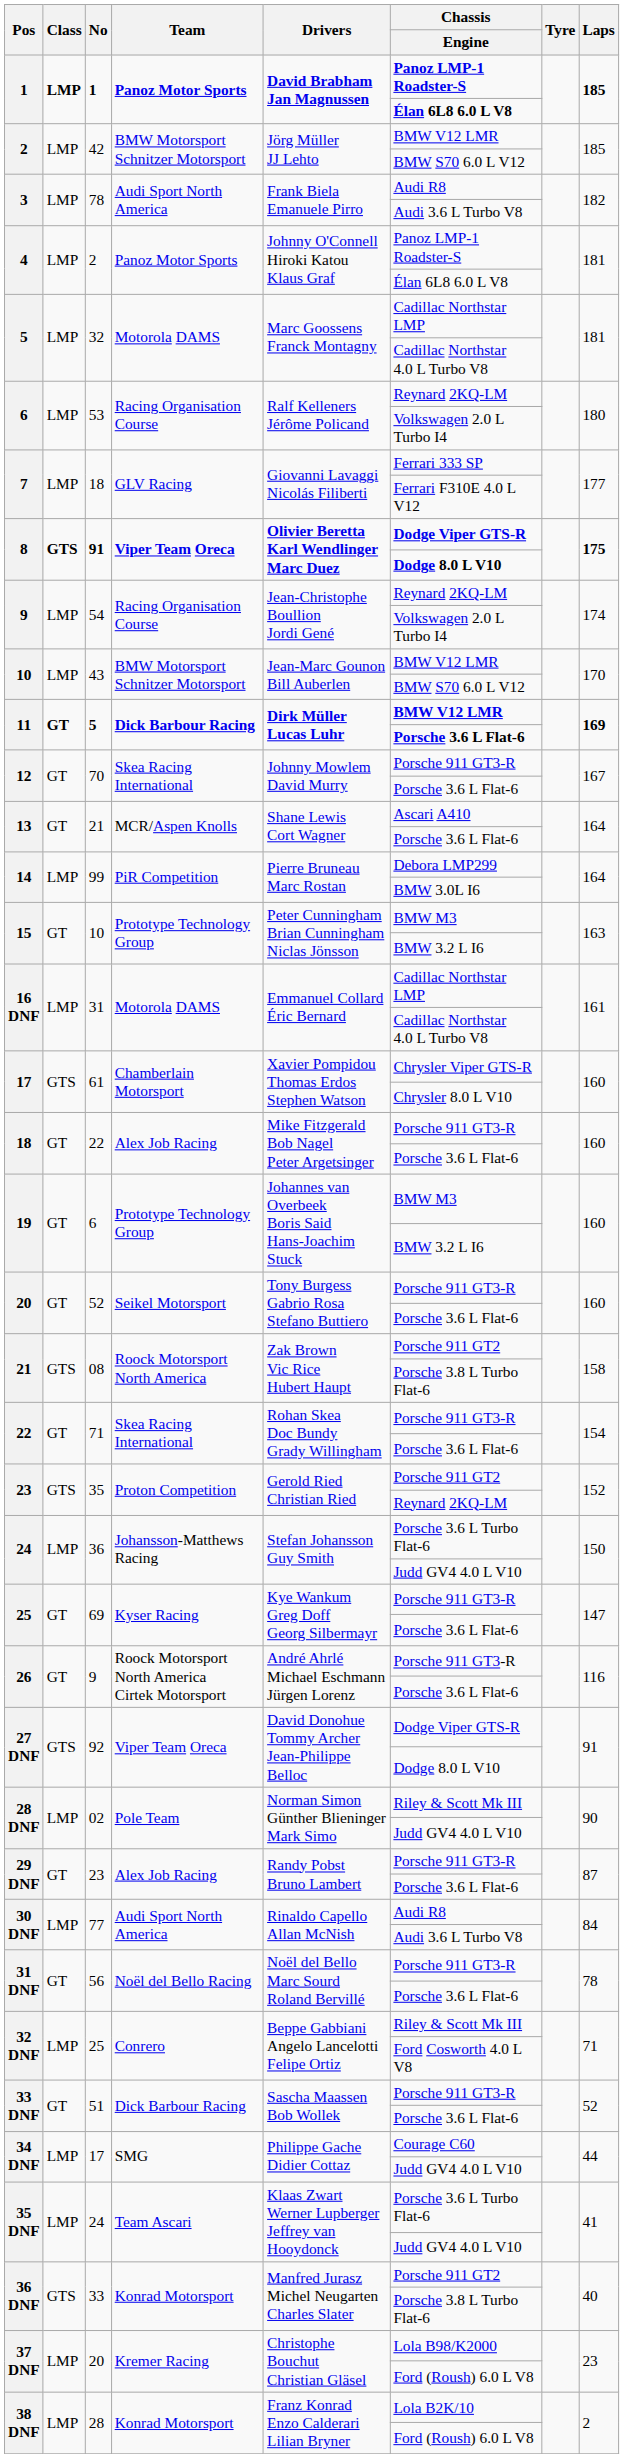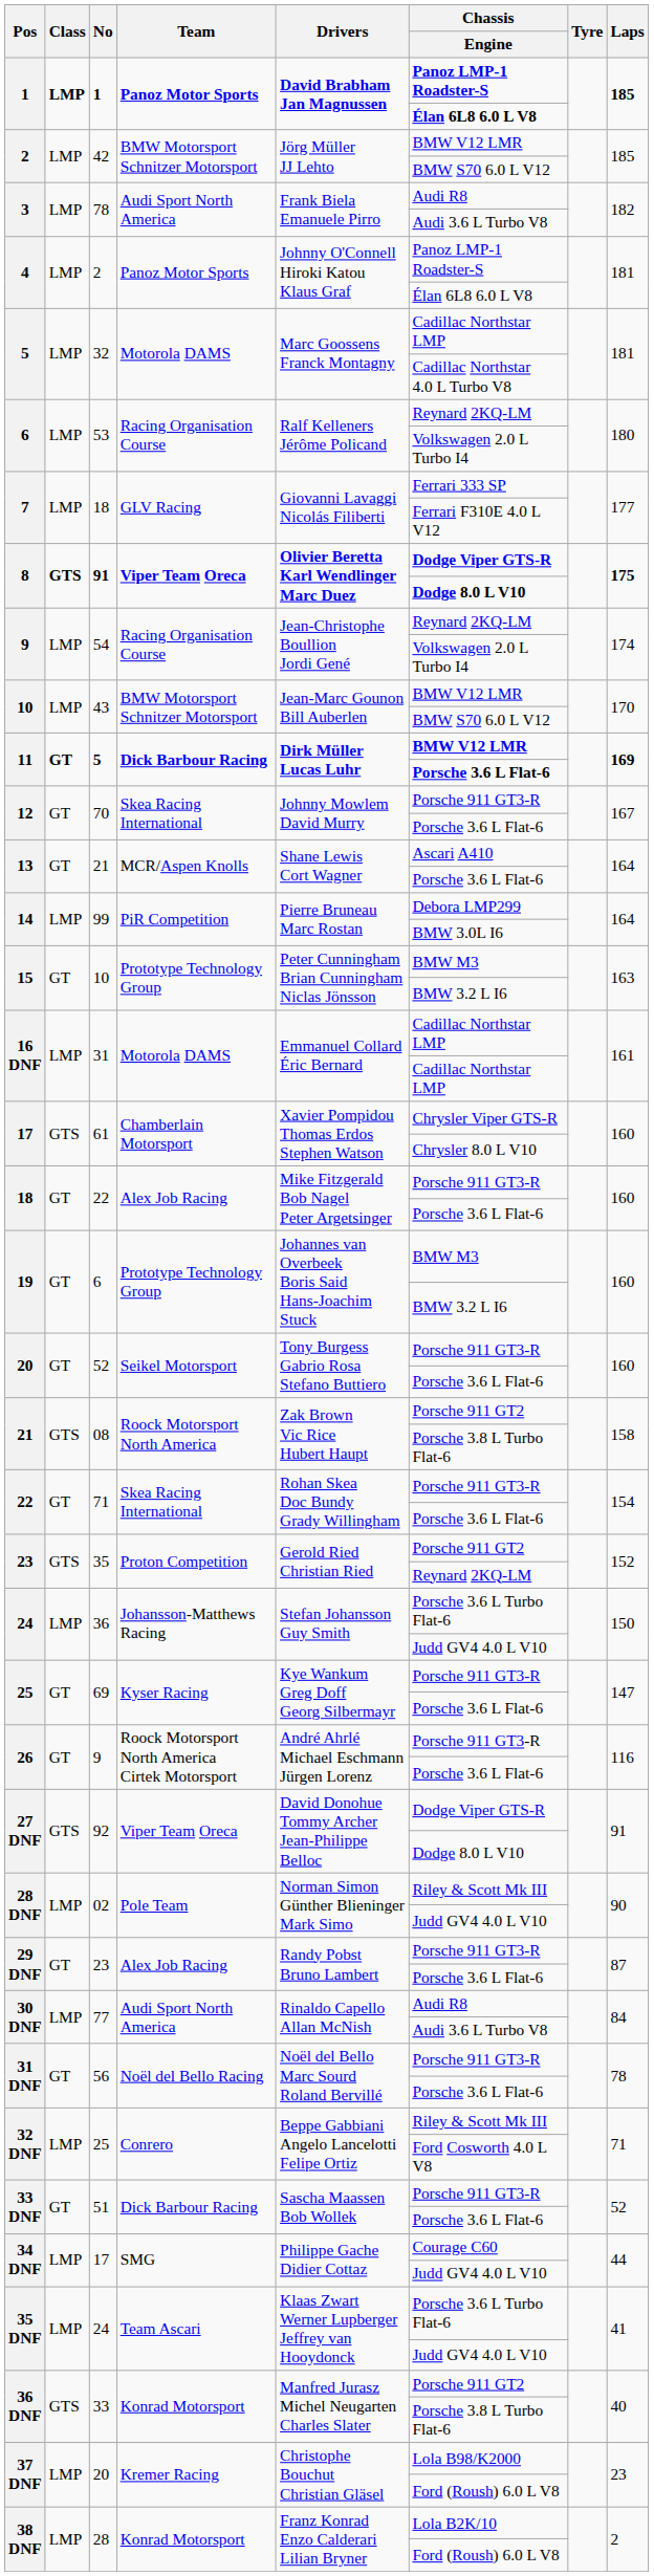 <table class="wikitable" style="font-size: 95%;">
 <tr>
 <th rowspan=2>Pos</th>
 <th rowspan=2>Class</th>
 <th rowspan=2>No</th>
 <th rowspan=2>Team</th>
 <th rowspan=2>Drivers</th>
 <th>Chassis</th>
 <th rowspan=2>Tyre</th>
 <th rowspan=2>Laps</th>
 </tr>
 <tr>
 <th>Engine</th>
 </tr>
 <tr style="font-weight:bold">
 <th rowspan=2>1</th>
 <td rowspan=2>LMP</td>
 <td rowspan=2>1</td>
 <td rowspan=2> <a href='#'>Panoz Motor Sports</a></td>
 <td rowspan=2> <a href='#'>David Brabham</a><br> <a href='#'>Jan Magnussen</a></td>
 <td><a href='#'>Panoz LMP-1 Roadster-S</a></td>
 <td rowspan=2></td>
 <td rowspan=2>185</td>
 </tr>
 <tr style="font-weight:bold">
 <td><a href='#'>Élan</a> 6L8 6.0 L V8</td>
 </tr>
 <tr>
 <th rowspan=2>2</th>
 <td rowspan=2>LMP</td>
 <td rowspan=2>42</td>
 <td rowspan=2> <a href='#'>BMW Motorsport</a><br> <a href='#'>Schnitzer Motorsport</a></td>
 <td rowspan=2> <a href='#'>Jörg Müller</a><br> <a href='#'>JJ Lehto</a></td>
 <td><a href='#'>BMW V12 LMR</a></td>
 <td rowspan=2></td>
 <td rowspan=2>185</td>
 </tr>
 <tr>
 <td><a href='#'>BMW</a> <a href='#'>S70</a> 6.0 L V12</td>
 </tr>
 <tr>
 <th rowspan=2>3</th>
 <td rowspan=2>LMP</td>
 <td rowspan=2>78</td>
 <td rowspan=2> <a href='#'>Audi Sport North America</a></td>
 <td rowspan=2> <a href='#'>Frank Biela</a><br> <a href='#'>Emanuele Pirro</a></td>
 <td><a href='#'>Audi R8</a></td>
 <td rowspan=2></td>
 <td rowspan=2>182</td>
 </tr>
 <tr>
 <td><a href='#'>Audi</a> 3.6 L Turbo V8</td>
 </tr>
 <tr>
 <th rowspan=2>4</th>
 <td rowspan=2>LMP</td>
 <td rowspan=2>2</td>
 <td rowspan=2> <a href='#'>Panoz Motor Sports</a></td>
 <td rowspan=2> <a href='#'>Johnny O'Connell</a><br> Hiroki Katou<br> <a href='#'>Klaus Graf</a></td>
 <td><a href='#'>Panoz LMP-1 Roadster-S</a></td>
 <td rowspan=2></td>
 <td rowspan=2>181</td>
 </tr>
 <tr>
 <td><a href='#'>Élan</a> 6L8 6.0 L V8</td>
 </tr>
 <tr>
 <th rowspan=2>5</th>
 <td rowspan=2>LMP</td>
 <td rowspan=2>32</td>
 <td rowspan=2> <a href='#'>Motorola</a> <a href='#'>DAMS</a></td>
 <td rowspan=2> <a href='#'>Marc Goossens</a><br> <a href='#'>Franck Montagny</a></td>
 <td><a href='#'>Cadillac Northstar LMP</a></td>
 <td rowspan=2></td>
 <td rowspan=2>181</td>
 </tr>
 <tr>
 <td><a href='#'>Cadillac</a> <a href='#'>Northstar</a> 4.0 L Turbo V8</td>
 </tr>
 <tr>
 <th rowspan=2>6</th>
 <td rowspan=2>LMP</td>
 <td rowspan=2>53</td>
 <td rowspan=2> <a href='#'>Racing Organisation Course</a></td>
 <td rowspan=2> <a href='#'>Ralf Kelleners</a><br> <a href='#'>Jérôme Policand</a></td>
 <td><a href='#'>Reynard</a> <a href='#'>2KQ-LM</a></td>
 <td rowspan=2></td>
 <td rowspan=2>180</td>
 </tr>
 <tr>
 <td><a href='#'>Volkswagen</a> 2.0 L Turbo I4</td>
 </tr>
 <tr>
 <th rowspan=2>7</th>
 <td rowspan=2>LMP</td>
 <td rowspan=2>18</td>
 <td rowspan=2> <a href='#'>GLV Racing</a></td>
 <td rowspan=2> <a href='#'>Giovanni Lavaggi</a><br> <a href='#'>Nicolás Filiberti</a></td>
 <td><a href='#'>Ferrari 333 SP</a></td>
 <td rowspan=2></td>
 <td rowspan=2>177</td>
 </tr>
 <tr>
 <td><a href='#'>Ferrari</a> F310E 4.0 L V12</td>
 </tr>
 <tr style="font-weight:bold">
 <th rowspan=2>8</th>
 <td rowspan=2>GTS</td>
 <td rowspan=2>91</td>
 <td rowspan=2> <a href='#'>Viper Team</a> <a href='#'>Oreca</a></td>
 <td rowspan=2> <a href='#'>Olivier Beretta</a><br> <a href='#'>Karl Wendlinger</a><br> <a href='#'>Marc Duez</a></td>
 <td><a href='#'>Dodge Viper GTS-R</a></td>
 <td rowspan=2></td>
 <td rowspan=2>175</td>
 </tr>
 <tr style="font-weight:bold">
 <td><a href='#'>Dodge</a> 8.0 L V10</td>
 </tr>
 <tr>
 <th rowspan=2>9</th>
 <td rowspan=2>LMP</td>
 <td rowspan=2>54</td>
 <td rowspan=2> <a href='#'>Racing Organisation Course</a></td>
 <td rowspan=2> <a href='#'>Jean-Christophe Boullion</a><br> <a href='#'>Jordi Gené</a></td>
 <td><a href='#'>Reynard</a> <a href='#'>2KQ-LM</a></td>
 <td rowspan=2></td>
 <td rowspan=2>174</td>
 </tr>
 <tr>
 <td><a href='#'>Volkswagen</a> 2.0 L Turbo I4</td>
 </tr>
 <tr>
 <th rowspan=2>10</th>
 <td rowspan=2>LMP</td>
 <td rowspan=2>43</td>
 <td rowspan=2> <a href='#'>BMW Motorsport</a><br> <a href='#'>Schnitzer Motorsport</a></td>
 <td rowspan=2> <a href='#'>Jean-Marc Gounon</a><br> <a href='#'>Bill Auberlen</a></td>
 <td><a href='#'>BMW V12 LMR</a></td>
 <td rowspan=2></td>
 <td rowspan=2>170</td>
 </tr>
 <tr>
 <td><a href='#'>BMW</a> <a href='#'>S70</a> 6.0 L V12</td>
 </tr>
 <tr style="font-weight:bold">
 <th rowspan=2>11</th>
 <td rowspan=2>GT</td>
 <td rowspan=2>5</td>
 <td rowspan=2> <a href='#'>Dick Barbour Racing</a></td>
 <td rowspan=2> <a href='#'>Dirk Müller</a><br> <a href='#'>Lucas Luhr</a></td>
 <td><a href='#'>BMW V12 LMR</a></td>
 <td rowspan=2></td>
 <td rowspan=2>169</td>
 </tr>
 <tr style="font-weight:bold">
 <td><a href='#'>Porsche</a> 3.6 L Flat-6</td>
 </tr>
 <tr>
 <th rowspan=2>12</th>
 <td rowspan=2>GT</td>
 <td rowspan=2>70</td>
 <td rowspan=2> <a href='#'>Skea Racing International</a></td>
 <td rowspan=2> <a href='#'>Johnny Mowlem</a><br> <a href='#'>David Murry</a></td>
 <td><a href='#'>Porsche 911 GT3-R</a></td>
 <td rowspan=2></td>
 <td rowspan=2>167</td>
 </tr>
 <tr>
 <td><a href='#'>Porsche</a> 3.6 L Flat-6</td>
 </tr>
 <tr>
 <th rowspan=2>13</th>
 <td rowspan=2>GT</td>
 <td rowspan=2>21</td>
 <td rowspan=2> MCR/<a href='#'>Aspen Knolls</a></td>
 <td rowspan=2> <a href='#'>Shane Lewis</a><br> <a href='#'>Cort Wagner</a></td>
 <td><a href='#'>Ascari</a> <a href='#'>A410</a></td>
 <td rowspan=2></td>
 <td rowspan=2>164</td>
 </tr>
 <tr>
 <td><a href='#'>Porsche</a> 3.6 L Flat-6</td>
 </tr>
 <tr>
 <th rowspan=2>14</th>
 <td rowspan=2>LMP</td>
 <td rowspan=2>99</td>
 <td rowspan=2> <a href='#'>PiR Competition</a></td>
 <td rowspan=2> <a href='#'>Pierre Bruneau</a><br> <a href='#'>Marc Rostan</a></td>
 <td><a href='#'>Debora LMP299</a></td>
 <td rowspan=2></td>
 <td rowspan=2>164</td>
 </tr>
 <tr>
 <td><a href='#'>BMW</a> 3.0L I6</td>
 </tr>
 <tr>
 <th rowspan=2>15</th>
 <td rowspan=2>GT</td>
 <td rowspan=2>10</td>
 <td rowspan=2> <a href='#'>Prototype Technology Group</a></td>
 <td rowspan=2> <a href='#'>Peter Cunningham</a><br> <a href='#'>Brian Cunningham</a><br> <a href='#'>Niclas Jönsson</a></td>
 <td><a href='#'>BMW M3</a></td>
 <td rowspan=2></td>
 <td rowspan=2>163</td>
 </tr>
 <tr>
 <td><a href='#'>BMW</a> 3.2 L I6</td>
 </tr>
 <tr>
 <th rowspan=2>16<br>DNF</th>
 <td rowspan=2>LMP</td>
 <td rowspan=2>31</td>
 <td rowspan=2> <a href='#'>Motorola</a> <a href='#'>DAMS</a></td>
 <td rowspan=2> <a href='#'>Emmanuel Collard</a><br> <a href='#'>Éric Bernard</a></td>
 <td><a href='#'>Cadillac Northstar LMP</a></td>
 <td rowspan=2></td>
 <td rowspan=2>161</td>
 </tr>
 <tr>
-<td><a href='#'>Cadillac</a> <a href='#'>Northstar</a> 4.0 L Turbo V8</td>
+<td><a href='#'>Cadillac Northstar LMP</a></td>
 </tr>
 <tr>
 <th rowspan=2>17</th>
 <td rowspan=2>GTS</td>
 <td rowspan=2>61</td>
 <td rowspan=2> <a href='#'>Chamberlain Motorsport</a></td>
 <td rowspan=2> <a href='#'>Xavier Pompidou</a><br> <a href='#'>Thomas Erdos</a><br> <a href='#'>Stephen Watson</a></td>
 <td><a href='#'>Chrysler Viper GTS-R</a></td>
 <td rowspan=2></td>
 <td rowspan=2>160</td>
 </tr>
 <tr>
 <td><a href='#'>Chrysler</a> 8.0 L V10</td>
 </tr>
 <tr>
 <th rowspan=2>18</th>
 <td rowspan=2>GT</td>
 <td rowspan=2>22</td>
 <td rowspan=2> <a href='#'>Alex Job Racing</a></td>
 <td rowspan=2> <a href='#'>Mike Fitzgerald</a><br> <a href='#'>Bob Nagel</a><br> <a href='#'>Peter Argetsinger</a></td>
 <td><a href='#'>Porsche 911 GT3-R</a></td>
 <td rowspan=2></td>
 <td rowspan=2>160</td>
 </tr>
 <tr>
 <td><a href='#'>Porsche</a> 3.6 L Flat-6</td>
 </tr>
 <tr>
 <th rowspan=2>19</th>
 <td rowspan=2>GT</td>
 <td rowspan=2>6</td>
 <td rowspan=2> <a href='#'>Prototype Technology Group</a></td>
 <td rowspan=2> <a href='#'>Johannes van Overbeek</a><br> <a href='#'>Boris Said</a><br> <a href='#'>Hans-Joachim Stuck</a></td>
 <td><a href='#'>BMW M3</a></td>
 <td rowspan=2></td>
 <td rowspan=2>160</td>
 </tr>
 <tr>
 <td><a href='#'>BMW</a> 3.2 L I6</td>
 </tr>
 <tr>
 <th rowspan=2>20</th>
 <td rowspan=2>GT</td>
 <td rowspan=2>52</td>
 <td rowspan=2> <a href='#'>Seikel Motorsport</a></td>
 <td rowspan=2> <a href='#'>Tony Burgess</a><br> <a href='#'>Gabrio Rosa</a><br> <a href='#'>Stefano Buttiero</a></td>
 <td><a href='#'>Porsche 911 GT3-R</a></td>
 <td rowspan=2></td>
 <td rowspan=2>160</td>
 </tr>
 <tr>
 <td><a href='#'>Porsche</a> 3.6 L Flat-6</td>
 </tr>
 <tr>
 <th rowspan=2>21</th>
 <td rowspan=2>GTS</td>
 <td rowspan=2>08</td>
 <td rowspan=2> <a href='#'>Roock Motorsport North America</a></td>
 <td rowspan=2> <a href='#'>Zak Brown</a><br> <a href='#'>Vic Rice</a><br> <a href='#'>Hubert Haupt</a></td>
 <td><a href='#'>Porsche 911 GT2</a></td>
 <td rowspan=2></td>
 <td rowspan=2>158</td>
 </tr>
 <tr>
 <td><a href='#'>Porsche</a> 3.8 L Turbo Flat-6</td>
 </tr>
 <tr>
 <th rowspan=2>22</th>
 <td rowspan=2>GT</td>
 <td rowspan=2>71</td>
 <td rowspan=2> <a href='#'>Skea Racing International</a></td>
 <td rowspan=2> <a href='#'>Rohan Skea</a><br> <a href='#'>Doc Bundy</a><br> <a href='#'>Grady Willingham</a></td>
 <td><a href='#'>Porsche 911 GT3-R</a></td>
 <td rowspan=2></td>
 <td rowspan=2>154</td>
 </tr>
 <tr>
 <td><a href='#'>Porsche</a> 3.6 L Flat-6</td>
 </tr>
 <tr>
 <th rowspan=2>23</th>
 <td rowspan=2>GTS</td>
 <td rowspan=2>35</td>
 <td rowspan=2> <a href='#'>Proton Competition</a></td>
 <td rowspan=2> <a href='#'>Gerold Ried</a><br> <a href='#'>Christian Ried</a></td>
 <td><a href='#'>Porsche 911 GT2</a></td>
 <td rowspan=2></td>
 <td rowspan=2>152</td>
 </tr>
 <tr>
 <td><a href='#'>Reynard</a> <a href='#'>2KQ-LM</a></td>
 </tr>
 <tr>
 <th rowspan=2>24</th>
 <td rowspan=2>LMP</td>
 <td rowspan=2>36</td>
 <td rowspan=2> <a href='#'>Johansson</a>-Matthews Racing</td>
 <td rowspan=2> <a href='#'>Stefan Johansson</a><br> <a href='#'>Guy Smith</a></td>
 <td><a href='#'>Porsche</a> 3.6 L Turbo Flat-6</td>
 <td rowspan=2></td>
 <td rowspan=2>150</td>
 </tr>
 <tr>
 <td><a href='#'>Judd</a> GV4 4.0 L V10</td>
 </tr>
 <tr>
 <th rowspan=2>25</th>
 <td rowspan=2>GT</td>
 <td rowspan=2>69</td>
 <td rowspan=2> <a href='#'>Kyser Racing</a></td>
 <td rowspan=2> <a href='#'>Kye Wankum</a><br> <a href='#'>Greg Doff</a><br> <a href='#'>Georg Silbermayr</a></td>
 <td><a href='#'>Porsche 911 GT3-R</a></td>
 <td rowspan=2></td>
 <td rowspan=2>147</td>
 </tr>
 <tr>
 <td><a href='#'>Porsche</a> 3.6 L Flat-6</td>
 </tr>
 <tr>
 <th rowspan=2>26</th>
 <td rowspan=2>GT</td>
 <td rowspan=2>9</td>
 <td rowspan=2> Roock Motorsport North America<br> Cirtek Motorsport</td>
 <td rowspan=2> <a href='#'>André Ahrlé</a><br> Michael Eschmann<br> Jürgen Lorenz</td>
 <td><a href='#'>Porsche 911 GT3</a>-R</td>
 <td rowspan=2></td>
 <td rowspan=2>116</td>
 </tr>
 <tr>
 <td><a href='#'>Porsche</a> 3.6 L Flat-6</td>
 </tr>
 <tr>
 <th rowspan=2>27<br>DNF</th>
 <td rowspan=2>GTS</td>
 <td rowspan=2>92</td>
 <td rowspan=2> <a href='#'>Viper Team</a> <a href='#'>Oreca</a></td>
 <td rowspan=2> <a href='#'>David Donohue</a><br> <a href='#'>Tommy Archer</a><br> <a href='#'>Jean-Philippe Belloc</a></td>
 <td><a href='#'>Dodge Viper GTS-R</a></td>
 <td rowspan=2></td>
 <td rowspan=2>91</td>
 </tr>
 <tr>
 <td><a href='#'>Dodge</a> 8.0 L V10</td>
 </tr>
 <tr>
 <th rowspan=2>28<br>DNF</th>
 <td rowspan=2>LMP</td>
 <td rowspan=2>02</td>
 <td rowspan=2> <a href='#'>Pole Team</a></td>
 <td rowspan=2> <a href='#'>Norman Simon</a><br> Günther Blieninger<br> <a href='#'>Mark Simo</a></td>
 <td><a href='#'>Riley & Scott Mk III</a></td>
 <td rowspan=2></td>
 <td rowspan=2>90</td>
 </tr>
 <tr>
 <td><a href='#'>Judd</a> GV4 4.0 L V10</td>
 </tr>
 <tr>
 <th rowspan=2>29<br>DNF</th>
 <td rowspan=2>GT</td>
 <td rowspan=2>23</td>
 <td rowspan=2> <a href='#'>Alex Job Racing</a></td>
 <td rowspan=2> <a href='#'>Randy Pobst</a><br> <a href='#'>Bruno Lambert</a></td>
 <td><a href='#'>Porsche 911 GT3-R</a></td>
 <td rowspan=2></td>
 <td rowspan=2>87</td>
 </tr>
 <tr>
 <td><a href='#'>Porsche</a> 3.6 L Flat-6</td>
 </tr>
 <tr>
 <th rowspan=2>30<br>DNF</th>
 <td rowspan=2>LMP</td>
 <td rowspan=2>77</td>
 <td rowspan=2> <a href='#'>Audi Sport North America</a></td>
 <td rowspan=2> <a href='#'>Rinaldo Capello</a><br> <a href='#'>Allan McNish</a></td>
 <td><a href='#'>Audi R8</a></td>
 <td rowspan=2></td>
 <td rowspan=2>84</td>
 </tr>
 <tr>
 <td><a href='#'>Audi</a> 3.6 L Turbo V8</td>
 </tr>
 <tr>
 <th rowspan=2>31<br>DNF</th>
 <td rowspan=2>GT</td>
 <td rowspan=2>56</td>
 <td rowspan=2> <a href='#'>Noël del Bello Racing</a></td>
 <td rowspan=2> <a href='#'>Noël del Bello</a><br> <a href='#'>Marc Sourd</a><br> <a href='#'>Roland Bervillé</a></td>
 <td><a href='#'>Porsche 911 GT3-R</a></td>
 <td rowspan=2></td>
 <td rowspan=2>78</td>
 </tr>
 <tr>
 <td><a href='#'>Porsche</a> 3.6 L Flat-6</td>
 </tr>
 <tr>
 <th rowspan=2>32<br>DNF</th>
 <td rowspan=2>LMP</td>
 <td rowspan=2>25</td>
 <td rowspan=2> <a href='#'>Conrero</a></td>
 <td rowspan=2> <a href='#'>Beppe Gabbiani</a><br> Angelo Lancelotti<br> <a href='#'>Felipe Ortiz</a></td>
 <td><a href='#'>Riley & Scott Mk III</a></td>
 <td rowspan=2></td>
 <td rowspan=2>71</td>
 </tr>
 <tr>
 <td><a href='#'>Ford</a> <a href='#'>Cosworth</a> 4.0 L V8</td>
 </tr>
 <tr>
 <th rowspan=2>33<br>DNF</th>
 <td rowspan=2>GT</td>
 <td rowspan=2>51</td>
 <td rowspan=2> <a href='#'>Dick Barbour Racing</a></td>
 <td rowspan=2> <a href='#'>Sascha Maassen</a><br> <a href='#'>Bob Wollek</a></td>
 <td><a href='#'>Porsche 911 GT3-R</a></td>
 <td rowspan=2></td>
 <td rowspan=2>52</td>
 </tr>
 <tr>
 <td><a href='#'>Porsche</a> 3.6 L Flat-6</td>
 </tr>
 <tr>
 <th rowspan=2>34<br>DNF</th>
 <td rowspan=2>LMP</td>
 <td rowspan=2>17</td>
 <td rowspan=2> SMG</td>
 <td rowspan=2> <a href='#'>Philippe Gache</a><br> <a href='#'>Didier Cottaz</a></td>
 <td><a href='#'>Courage C60</a></td>
 <td rowspan=2></td>
 <td rowspan=2>44</td>
 </tr>
 <tr>
 <td><a href='#'>Judd</a> GV4 4.0 L V10</td>
 </tr>
 <tr>
 <th rowspan=2>35<br>DNF</th>
 <td rowspan=2>LMP</td>
 <td rowspan=2>24</td>
 <td rowspan=2> <a href='#'>Team Ascari</a></td>
 <td rowspan=2> <a href='#'>Klaas Zwart</a><br> <a href='#'>Werner Lupberger</a><br> <a href='#'>Jeffrey van Hooydonck</a></td>
 <td><a href='#'>Porsche</a> 3.6 L Turbo Flat-6</td>
 <td rowspan=2></td>
 <td rowspan=2>41</td>
 </tr>
 <tr>
 <td><a href='#'>Judd</a> GV4 4.0 L V10</td>
 </tr>
 <tr>
 <th rowspan=2>36<br>DNF</th>
 <td rowspan=2>GTS</td>
 <td rowspan=2>33</td>
 <td rowspan=2> <a href='#'>Konrad Motorsport</a></td>
 <td rowspan=2> <a href='#'>Manfred Jurasz</a><br> Michel Neugarten<br> <a href='#'>Charles Slater</a></td>
 <td><a href='#'>Porsche 911 GT2</a></td>
 <td rowspan=2></td>
 <td rowspan=2>40</td>
 </tr>
 <tr>
 <td><a href='#'>Porsche</a> 3.8 L Turbo Flat-6</td>
 </tr>
 <tr>
 <th rowspan=2>37<br>DNF</th>
 <td rowspan=2>LMP</td>
 <td rowspan=2>20</td>
 <td rowspan=2> <a href='#'>Kremer Racing</a></td>
 <td rowspan=2> <a href='#'>Christophe Bouchut</a><br> <a href='#'>Christian Gläsel</a></td>
 <td><a href='#'>Lola B98/K2000</a></td>
 <td rowspan=2></td>
 <td rowspan=2>23</td>
 </tr>
 <tr>
 <td><a href='#'>Ford</a> (<a href='#'>Roush</a>) 6.0 L V8</td>
 </tr>
 <tr>
 <th rowspan=2>38<br>DNF</th>
 <td rowspan=2>LMP</td>
 <td rowspan=2>28</td>
 <td rowspan=2> <a href='#'>Konrad Motorsport</a></td>
 <td rowspan=2> <a href='#'>Franz Konrad</a><br> <a href='#'>Enzo Calderari</a><br> <a href='#'>Lilian Bryner</a></td>
 <td><a href='#'>Lola B2K/10</a></td>
 <td rowspan=2></td>
 <td rowspan=2>2</td>
 </tr>
 <tr>
 <td><a href='#'>Ford</a> (<a href='#'>Roush</a>) 6.0 L V8</td>
 </tr>
 </table>
